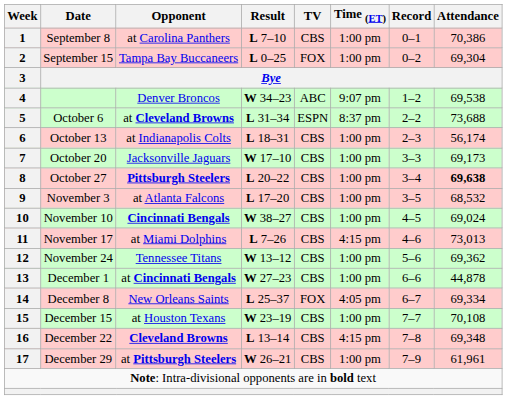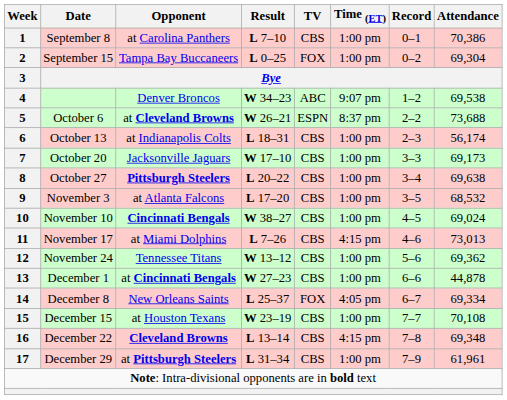 <table class="wikitable" style="text-align:center">
 <tr>
 <th>Week</th>
 <th>Date</th>
 <th>Opponent</th>
 <th>Result</th>
 <th>TV</th>
 <th>Time <sub>(<a href='#'>ET</a>)</sub></th>
 <th>Record</th>
 <th>Attendance</th>
 </tr>
 <tr style="background:#fcc">
 <th>1</th>
 <td>September 8</td>
 <td>at <a href='#'>Carolina Panthers</a></td>
 <td><strong>L</strong> 7–10</td>
 <td>CBS</td>
 <td>1:00 pm</td>
 <td>0–1</td>
 <td>70,386</td>
 </tr>
 <tr style="background:#fcc">
 <th>2</th>
 <td>September 15</td>
 <td><a href='#'>Tampa Bay Buccaneers</a></td>
 <td><strong>L</strong> 0–25</td>
 <td>FOX</td>
 <td>1:00 pm</td>
 <td>0–2</td>
 <td>69,304</td>
 </tr>
 <tr>
 <th>3</th>
 <th colspan="7"><em><a href='#'>Bye</a></em></th>
 </tr>
 <tr style="background:#cfc">
 <th>4</th>
 <td></td>
 <td><a href='#'>Denver Broncos</a></td>
 <td><strong>W</strong> 34–23</td>
 <td>ABC</td>
 <td>9:07 pm</td>
 <td>1–2</td>
 <td>69,538</td>
 </tr>
 <tr style="background:#cfc">
 <th>5</th>
 <td>October 6</td>
 <td>at <strong><a href='#'>Cleveland Browns</a></strong></td>
-<td><strong>L</strong> 31–34</td>
+<td><strong>W</strong> 26–21</td>
 <td>ESPN</td>
 <td>8:37 pm</td>
 <td>2–2</td>
 <td>73,688</td>
 </tr>
 <tr style="background:#fcc">
 <th>6</th>
 <td>October 13</td>
 <td>at <a href='#'>Indianapolis Colts</a></td>
 <td><strong>L</strong> 18–31</td>
 <td>CBS</td>
 <td>1:00 pm</td>
 <td>2–3</td>
 <td>56,174</td>
 </tr>
 <tr style="background:#cfc">
 <th>7</th>
 <td>October 20</td>
 <td><a href='#'>Jacksonville Jaguars</a></td>
 <td><strong>W</strong> 17–10</td>
 <td>CBS</td>
 <td>1:00 pm</td>
 <td>3–3</td>
 <td>69,173</td>
 </tr>
 <tr style="background:#fcc">
 <th>8</th>
 <td>October 27</td>
 <td><strong><a href='#'>Pittsburgh Steelers</a></strong></td>
 <td><strong>L</strong> 20–22</td>
 <td>CBS</td>
 <td>1:00 pm</td>
 <td>3–4</td>
-<td><strong>69,638</strong></td>
+<td>69,638</td>
 </tr>
 <tr style="background:#fcc">
 <th>9</th>
 <td>November 3</td>
 <td>at <a href='#'>Atlanta Falcons</a></td>
 <td><strong>L</strong> 17–20</td>
 <td>CBS</td>
 <td>1:00 pm</td>
 <td>3–5</td>
 <td>68,532</td>
 </tr>
 <tr style="background:#cfc">
 <th>10</th>
 <td>November 10</td>
 <td><strong><a href='#'>Cincinnati Bengals</a></strong></td>
 <td><strong>W</strong> 38–27</td>
 <td>CBS</td>
 <td>1:00 pm</td>
 <td>4–5</td>
 <td>69,024</td>
 </tr>
 <tr style="background:#fcc">
 <th>11</th>
 <td>November 17</td>
 <td>at <a href='#'>Miami Dolphins</a></td>
 <td><strong>L</strong> 7–26</td>
 <td>CBS</td>
 <td>4:15 pm</td>
 <td>4–6</td>
 <td>73,013</td>
 </tr>
 <tr style="background:#cfc">
 <th>12</th>
 <td>November 24</td>
 <td><a href='#'>Tennessee Titans</a></td>
 <td><strong>W</strong> 13–12</td>
 <td>CBS</td>
 <td>1:00 pm</td>
 <td>5–6</td>
 <td>69,362</td>
 </tr>
 <tr style="background:#cfc">
 <th>13</th>
 <td>December 1</td>
 <td>at <strong><a href='#'>Cincinnati Bengals</a></strong></td>
 <td><strong>W</strong> 27–23</td>
 <td>CBS</td>
 <td>1:00 pm</td>
 <td>6–6</td>
 <td>44,878</td>
 </tr>
 <tr style="background:#fcc">
 <th>14</th>
 <td>December 8</td>
 <td><a href='#'>New Orleans Saints</a></td>
 <td><strong>L</strong> 25–37</td>
 <td>FOX</td>
 <td>4:05 pm</td>
 <td>6–7</td>
 <td>69,334</td>
 </tr>
 <tr style="background:#cfc">
 <th>15</th>
 <td>December 15</td>
 <td>at <a href='#'>Houston Texans</a></td>
 <td><strong>W</strong> 23–19</td>
 <td>CBS</td>
 <td>1:00 pm</td>
 <td>7–7</td>
 <td>70,108</td>
 </tr>
 <tr style="background:#fcc">
 <th>16</th>
 <td>December 22</td>
 <td><strong><a href='#'>Cleveland Browns</a></strong></td>
 <td><strong>L</strong> 13–14</td>
 <td>CBS</td>
 <td>4:15 pm</td>
 <td>7–8</td>
 <td>69,348</td>
 </tr>
 <tr style="background:#fcc">
 <th>17</th>
 <td>December 29</td>
 <td>at <strong><a href='#'>Pittsburgh Steelers</a></strong></td>
-<td><strong>W</strong> 26–21</td>
+<td><strong>L</strong> 31–34</td>
 <td>CBS</td>
 <td>1:00 pm</td>
 <td>7–9</td>
 <td>61,961</td>
 </tr>
 <tr>
 <td colspan="8"><strong>Note</strong>: Intra-divisional opponents are in <strong>bold</strong> text</td>
 </tr>
 <tr>
 <th colspan="8"></th>
 </tr>
 </table>
